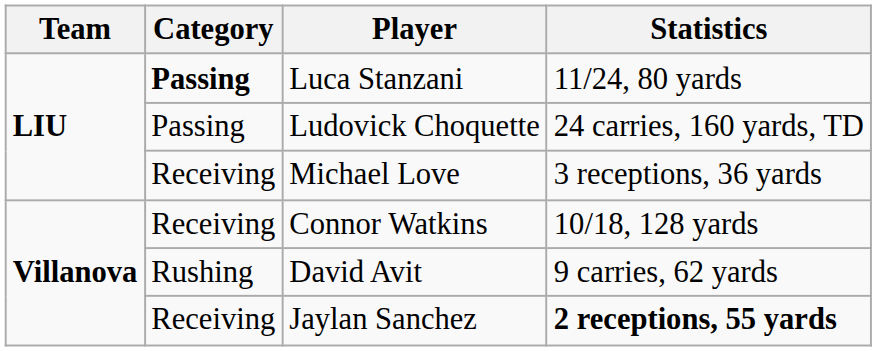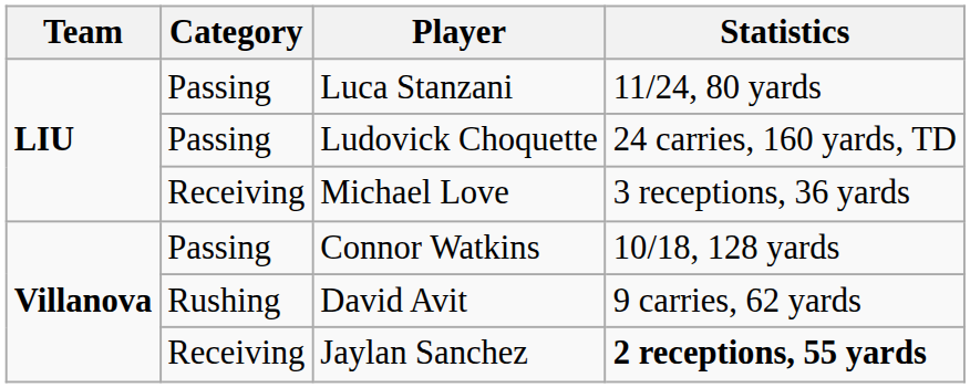 <table class="wikitable" style="float: right;">
 <tr>
 <th>Team</th>
 <th>Category</th>
 <th>Player</th>
 <th>Statistics</th>
 </tr>
 <tr>
 <td rowspan=3><strong>LIU</strong></td>
-<td><strong>Passing</strong></td>
+<td>Passing</td>
 <td>Luca Stanzani</td>
 <td>11/24, 80 yards</td>
 </tr>
 <tr>
 <td>Passing</td>
 <td>Ludovick Choquette</td>
 <td>24 carries, 160 yards, TD</td>
 </tr>
 <tr>
 <td>Receiving</td>
 <td>Michael Love</td>
 <td>3 receptions, 36 yards</td>
 </tr>
 <tr>
 <td rowspan=3><strong>Villanova</strong></td>
-<td>Receiving</td>
+<td>Passing</td>
 <td>Connor Watkins</td>
 <td>10/18, 128 yards</td>
 </tr>
 <tr>
 <td>Rushing</td>
 <td>David Avit</td>
 <td>9 carries, 62 yards</td>
 </tr>
 <tr>
 <td>Receiving</td>
 <td>Jaylan Sanchez</td>
 <td><strong>2 receptions, 55 yards</strong></td>
 </tr>
 </table>
